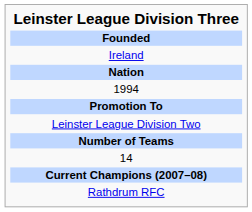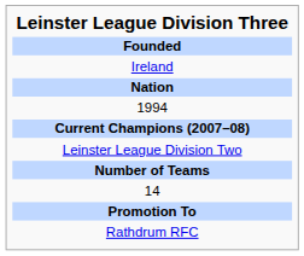 <table class="infobox rugby" style="width: 16em; text-align: center;">
 <tr>
 <th style="font-size: 16px;">Leinster League Division Three</th>
 </tr>
 <tr>
 <td style="font-size: 12px; background: #BFD7FF;"><strong>Founded</strong></td>
 </tr>
 <tr>
 <td style="font-size: 12px;"><a href='#'>Ireland</a></td>
 </tr>
 <tr>
 <td style="font-size: 12px; background: #BFD7FF;"><strong>Nation</strong></td>
 </tr>
 <tr>
 <td style="font-size: 12px;">1994</td>
 </tr>
 <tr>
-<td style="font-size: 12px; background: #BFD7FF;"><strong>Promotion To</strong></td>
+<td style="font-size: 12px; background: #BFD7FF;"><strong>Current Champions (2007–08)</strong></td>
 </tr>
 <tr>
 <td style="font-size: 12px;"><a href='#'>Leinster League Division Two</a></td>
 </tr>
 <tr>
 <td style="font-size: 12px; background: #BFD7FF;"><strong>Number of Teams</strong></td>
 </tr>
 <tr>
 <td style="font-size: 12px;">14</td>
 </tr>
 <tr>
-<td style="font-size: 12px; background: #BFD7FF;"><strong>Current Champions (2007–08)</strong></td>
+<td style="font-size: 12px; background: #BFD7FF;"><strong>Promotion To</strong></td>
 </tr>
 <tr>
 <td style="font-size: 12px;"><a href='#'>Rathdrum RFC</a></td>
 </tr>
 <tr>
 </tr>
 </table>
